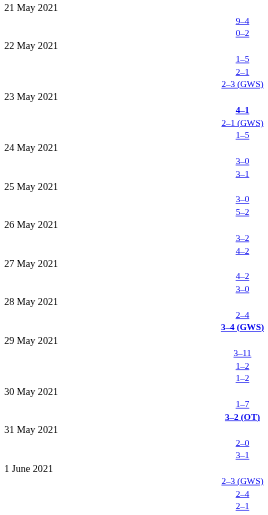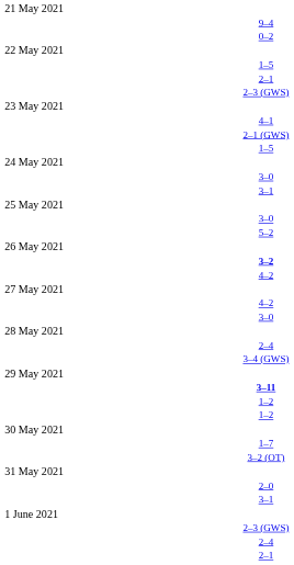 <table style="width:100%;" cellspacing="1">
 <tr>
 <th width=25%></th>
 <th width=2%></th>
 <th width=6%></th>
 <th width=2%></th>
 <th width=25%></th>
 </tr>
 <tr>
 <td>21 May 2021</td>
 </tr>
 <tr style=font-size:90%>
 <td align=right></td>
 <td></td>
 <td align=center><a href='#'>9–4</a></td>
 <td></td>
 <td></td>
 <td></td>
 </tr>
 <tr style=font-size:90%>
 <td align=right></td>
 <td></td>
 <td align=center><a href='#'>0–2</a></td>
 <td></td>
 <td></td>
 <td></td>
 </tr>
 <tr>
 <td>22 May 2021</td>
 </tr>
 <tr style=font-size:90%>
 <td align=right></td>
 <td></td>
 <td align=center><a href='#'>1–5</a></td>
 <td></td>
 <td></td>
 <td></td>
 </tr>
 <tr style=font-size:90%>
 <td align=right></td>
 <td></td>
 <td align=center><a href='#'>2–1</a></td>
 <td></td>
 <td></td>
 <td></td>
 </tr>
 <tr style=font-size:90%>
 <td align=right></td>
 <td></td>
 <td align=center><a href='#'>2–3 (GWS)</a></td>
 <td></td>
 <td></td>
 <td></td>
 </tr>
 <tr>
 <td>23 May 2021</td>
 </tr>
 <tr style=font-size:90%>
 <td align=right></td>
 <td></td>
-<td align=center><strong><a href='#'>4–1</a></strong></td>
+<td align=center><a href='#'>4–1</a></td>
 <td></td>
 <td></td>
 <td></td>
 </tr>
 <tr style=font-size:90%>
 <td align=right></td>
 <td></td>
 <td align=center><a href='#'>2–1 (GWS)</a></td>
 <td></td>
 <td></td>
 <td></td>
 </tr>
 <tr style=font-size:90%>
 <td align=right></td>
 <td></td>
 <td align=center><a href='#'>1–5</a></td>
 <td></td>
 <td></td>
 <td></td>
 </tr>
 <tr>
 <td>24 May 2021</td>
 </tr>
 <tr style=font-size:90%>
 <td align=right></td>
 <td></td>
 <td align=center><a href='#'>3–0</a></td>
 <td></td>
 <td></td>
 <td></td>
 </tr>
 <tr style=font-size:90%>
 <td align=right></td>
 <td></td>
 <td align=center><a href='#'>3–1</a></td>
 <td></td>
 <td></td>
 <td></td>
 </tr>
 <tr>
 <td>25 May 2021</td>
 </tr>
 <tr style=font-size:90%>
 <td align=right></td>
 <td></td>
 <td align=center><a href='#'>3–0</a></td>
 <td></td>
 <td></td>
 <td></td>
 </tr>
 <tr style=font-size:90%>
 <td align=right></td>
 <td></td>
 <td align=center><a href='#'>5–2</a></td>
 <td></td>
 <td></td>
 <td></td>
 </tr>
 <tr>
 <td>26 May 2021</td>
 </tr>
 <tr style=font-size:90%>
 <td align=right></td>
 <td></td>
-<td align=center><a href='#'>3–2</a></td>
+<td align=center><strong><a href='#'>3–2</a></strong></td>
 <td></td>
 <td></td>
 <td></td>
 </tr>
 <tr style=font-size:90%>
 <td align=right></td>
 <td></td>
 <td align=center><a href='#'>4–2</a></td>
 <td></td>
 <td></td>
 <td></td>
 </tr>
 <tr>
 <td>27 May 2021</td>
 </tr>
 <tr style=font-size:90%>
 <td align=right></td>
 <td></td>
 <td align=center><a href='#'>4–2</a></td>
 <td></td>
 <td></td>
 <td></td>
 </tr>
 <tr style=font-size:90%>
 <td align=right></td>
 <td></td>
 <td align=center><a href='#'>3–0</a></td>
 <td></td>
 <td></td>
 <td></td>
 </tr>
 <tr>
 <td>28 May 2021</td>
 </tr>
 <tr style=font-size:90%>
 <td align=right></td>
 <td></td>
 <td align=center><a href='#'>2–4</a></td>
 <td></td>
 <td></td>
 <td></td>
 </tr>
 <tr style=font-size:90%>
 <td align=right></td>
 <td></td>
-<td align=center><strong><a href='#'>3–4 (GWS)</a></strong></td>
+<td align=center><a href='#'>3–4 (GWS)</a></td>
 <td></td>
 <td></td>
 <td></td>
 </tr>
 <tr>
 <td>29 May 2021</td>
 </tr>
 <tr style=font-size:90%>
 <td align=right></td>
 <td></td>
-<td align=center><a href='#'>3–11</a></td>
+<td align=center><strong><a href='#'>3–11</a></strong></td>
 <td></td>
 <td></td>
 <td></td>
 </tr>
 <tr style=font-size:90%>
 <td align=right></td>
 <td></td>
 <td align=center><a href='#'>1–2</a></td>
 <td></td>
 <td></td>
 <td></td>
 </tr>
 <tr style=font-size:90%>
 <td align=right></td>
 <td></td>
 <td align=center><a href='#'>1–2</a></td>
 <td></td>
 <td></td>
 <td></td>
 </tr>
 <tr>
 <td>30 May 2021</td>
 </tr>
 <tr style=font-size:90%>
 <td align=right></td>
 <td></td>
 <td align=center><a href='#'>1–7</a></td>
 <td></td>
 <td></td>
 <td></td>
 </tr>
 <tr style=font-size:90%>
 <td align=right></td>
 <td></td>
-<td align=center><strong><a href='#'>3–2 (OT)</a></strong></td>
+<td align=center><a href='#'>3–2 (OT)</a></td>
 <td></td>
 <td></td>
 <td></td>
 </tr>
 <tr>
 <td>31 May 2021</td>
 </tr>
 <tr style=font-size:90%>
 <td align=right></td>
 <td></td>
 <td align=center><a href='#'>2–0</a></td>
 <td></td>
 <td></td>
 <td></td>
 </tr>
 <tr style=font-size:90%>
 <td align=right></td>
 <td></td>
 <td align=center><a href='#'>3–1</a></td>
 <td></td>
 <td></td>
 <td></td>
 </tr>
 <tr>
 <td>1 June 2021</td>
 </tr>
 <tr style=font-size:90%>
 <td align=right></td>
 <td></td>
 <td align=center><a href='#'>2–3 (GWS)</a></td>
 <td></td>
 <td></td>
 <td></td>
 </tr>
 <tr style=font-size:90%>
 <td align=right></td>
 <td></td>
 <td align=center><a href='#'>2–4</a></td>
 <td></td>
 <td></td>
 <td></td>
 </tr>
 <tr style=font-size:90%>
 <td align=right></td>
 <td></td>
 <td align=center><a href='#'>2–1</a></td>
 <td></td>
 <td></td>
 <td></td>
 </tr>
 </table>
